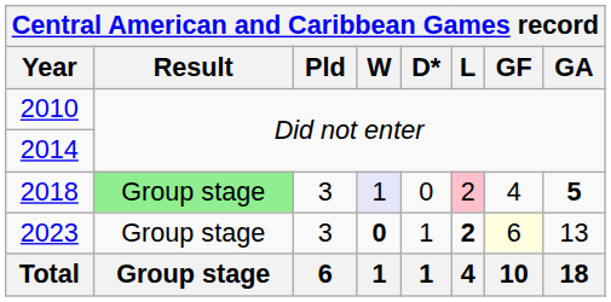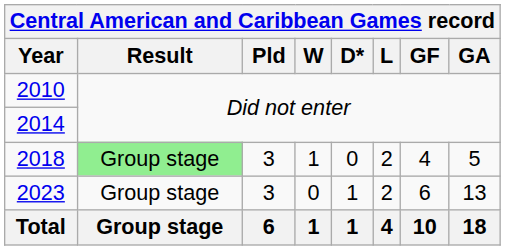 <table class="wikitable" style="text-align: center;">
 <tr>
 <th colspan=8><a href='#'>Central American and Caribbean Games</a> record</th>
 </tr>
 <tr>
 <th>Year</th>
 <th>Result</th>
 <th>Pld</th>
 <th>W</th>
 <th>D*</th>
 <th>L</th>
 <th>GF</th>
 <th>GA</th>
 </tr>
 <tr>
 <td> <a href='#'>2010</a></td>
 <td colspan=8 rowspan=2><em>Did not enter</em></td>
 </tr>
 <tr>
 <td> <a href='#'>2014</a></td>
 </tr>
 <tr>
 <td> <a href='#'>2018</a></td>
 <td style="background: lightgreen;">Group stage</td>
 <td>3</td>
-<td style="background: lavender;">1</td>
+<td>1</td>
 <td>0</td>
-<td style="background: pink;">2</td>
+<td>2</td>
 <td>4</td>
-<td><strong>5</strong></td>
+<td>5</td>
 </tr>
 <tr>
 <td> <a href='#'>2023</a></td>
 <td>Group stage</td>
 <td>3</td>
-<td><strong>0</strong></td>
+<td>0</td>
 <td>1</td>
-<td><strong>2</strong></td>
-<td style="background: lightyellow;">6</td>
+<td>2</td>
+<td>6</td>
 <td>13</td>
 </tr>
 <tr>
 <th>Total</th>
 <th>Group stage</th>
 <th>6</th>
 <th>1</th>
 <th>1</th>
 <th>4</th>
 <th>10</th>
 <th>18</th>
 </tr>
 </table>
